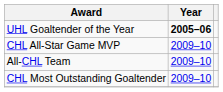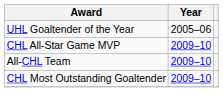 <table class="wikitable">
 <tr>
 <th>Award</th>
 <th>Year</th>
 <th></th>
 </tr>
 <tr>
 <td><a href='#'>UHL</a> Goaltender of the Year</td>
-<td><strong>2005–06</strong></td>
+<td>2005–06</td>
 <td></td>
 </tr>
 <tr>
 <td><a href='#'>CHL</a> All-Star Game MVP</td>
 <td><a href='#'>2009–10</a></td>
 <td></td>
 </tr>
 <tr>
 <td>All-<a href='#'>CHL</a> Team</td>
 <td><a href='#'>2009–10</a></td>
 <td></td>
 </tr>
 <tr>
 <td><a href='#'>CHL</a> Most Outstanding Goaltender</td>
 <td><a href='#'>2009–10</a></td>
 <td></td>
 </tr>
 <tr>
 </tr>
 </table>
